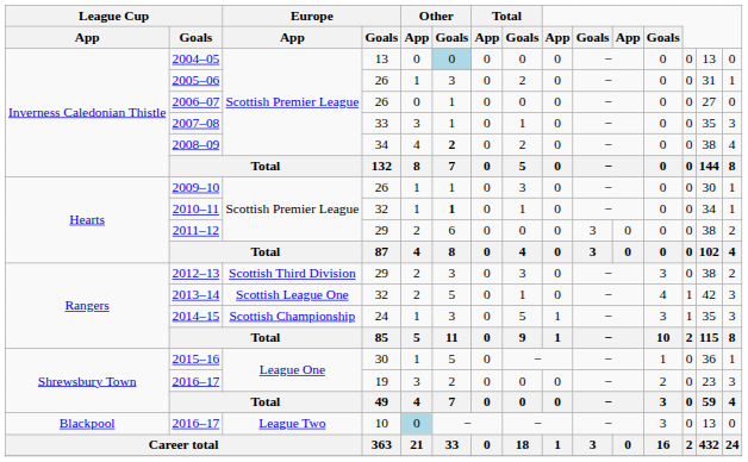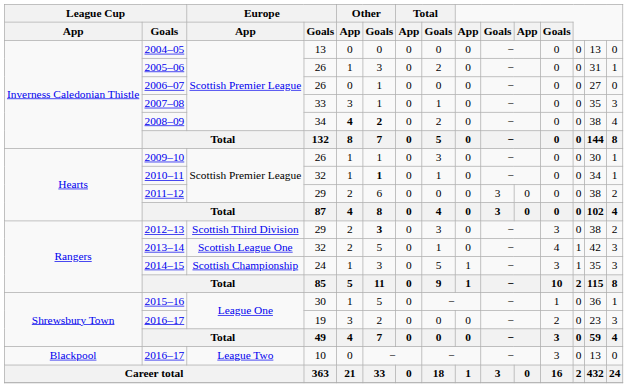 <table class="wikitable">
 <tr>
 <th colspan=2>League Cup</th>
 <th colspan=2>Europe</th>
 <th colspan=2>Other</th>
 <th colspan=2>Total</th>
 </tr>
 <tr>
 <th>App</th>
 <th>Goals</th>
 <th>App</th>
 <th>Goals</th>
 <th>App</th>
 <th>Goals</th>
 <th>App</th>
 <th>Goals</th>
 <th>App</th>
 <th>Goals</th>
 <th>App</th>
 <th>Goals</th>
 </tr>
 <tr align=center>
 <td rowspan=6><a href='#'>Inverness Caledonian Thistle</a></td>
 <td><a href='#'>2004–05</a></td>
 <td rowspan=5><a href='#'>Scottish Premier League</a></td>
 <td>13</td>
 <td>0</td>
-<td style="background: lightblue;">0</td>
+<td>0</td>
 <td>0</td>
 <td>0</td>
 <td>0</td>
 <td colspan="2">−</td>
 <td>0</td>
 <td>0</td>
 <td>13</td>
 <td>0</td>
 </tr>
 <tr align=center>
 <td><a href='#'>2005–06</a></td>
 <td>26</td>
 <td>1</td>
 <td>3</td>
 <td>0</td>
 <td>2</td>
 <td>0</td>
 <td colspan="2">−</td>
 <td>0</td>
 <td>0</td>
 <td>31</td>
 <td>1</td>
 </tr>
 <tr align=center>
 <td><a href='#'>2006–07</a></td>
 <td>26</td>
 <td>0</td>
 <td>1</td>
 <td>0</td>
 <td>0</td>
 <td>0</td>
 <td colspan="2">−</td>
 <td>0</td>
 <td>0</td>
 <td>27</td>
 <td>0</td>
 </tr>
 <tr align=center>
 <td><a href='#'>2007–08</a></td>
 <td>33</td>
 <td>3</td>
 <td>1</td>
 <td>0</td>
 <td>1</td>
 <td>0</td>
 <td colspan="2">−</td>
 <td>0</td>
 <td>0</td>
 <td>35</td>
 <td>3</td>
 </tr>
 <tr align=center>
 <td><a href='#'>2008–09</a></td>
 <td>34</td>
-<td>4</td>
+<td><strong>4</strong></td>
 <td><strong>2</strong></td>
 <td>0</td>
 <td>2</td>
 <td>0</td>
 <td colspan="2">−</td>
 <td>0</td>
 <td>0</td>
 <td>38</td>
 <td>4</td>
 </tr>
 <tr>
 <th colspan="2">Total</th>
 <th>132</th>
 <th>8</th>
 <th>7</th>
 <th>0</th>
 <th>5</th>
 <th>0</th>
 <th colspan="2">−</th>
 <th>0</th>
 <th>0</th>
 <th>144</th>
 <th>8</th>
 </tr>
 <tr align=center>
 <td rowspan=4><a href='#'>Hearts</a></td>
 <td><a href='#'>2009–10</a></td>
 <td rowspan=3>Scottish Premier League</td>
 <td>26</td>
 <td>1</td>
 <td>1</td>
 <td>0</td>
 <td>3</td>
 <td>0</td>
 <td colspan="2">−</td>
 <td>0</td>
 <td>0</td>
 <td>30</td>
 <td>1</td>
 </tr>
 <tr align=center>
 <td><a href='#'>2010–11</a></td>
 <td>32</td>
 <td>1</td>
 <td><strong>1</strong></td>
 <td>0</td>
 <td>1</td>
 <td>0</td>
 <td colspan="2">−</td>
 <td>0</td>
 <td>0</td>
 <td>34</td>
 <td>1</td>
 </tr>
 <tr align=center>
 <td><a href='#'>2011–12</a></td>
 <td>29</td>
 <td>2</td>
 <td>6</td>
 <td>0</td>
 <td>0</td>
 <td>0</td>
 <td>3</td>
 <td>0</td>
 <td>0</td>
 <td>0</td>
 <td>38</td>
 <td>2</td>
 </tr>
 <tr>
 <th colspan="2">Total</th>
 <th>87</th>
 <th>4</th>
 <th>8</th>
 <th>0</th>
 <th>4</th>
 <th>0</th>
 <th>3</th>
 <th>0</th>
 <th>0</th>
 <th>0</th>
 <th>102</th>
 <th>4</th>
 </tr>
 <tr align=center>
 <td rowspan=4><a href='#'>Rangers</a></td>
 <td><a href='#'>2012–13</a></td>
 <td><a href='#'>Scottish Third Division</a></td>
 <td>29</td>
 <td>2</td>
-<td>3</td>
+<td><strong>3</strong></td>
 <td>0</td>
 <td>3</td>
 <td>0</td>
 <td colspan="2">−</td>
 <td>3</td>
 <td>0</td>
 <td>38</td>
 <td>2</td>
 </tr>
 <tr align=center>
 <td><a href='#'>2013–14</a></td>
 <td><a href='#'>Scottish League One</a></td>
 <td>32</td>
 <td>2</td>
 <td>5</td>
 <td>0</td>
 <td>1</td>
 <td>0</td>
 <td colspan="2">−</td>
 <td>4</td>
 <td>1</td>
 <td>42</td>
 <td>3</td>
 </tr>
 <tr align=center>
 <td><a href='#'>2014–15</a></td>
 <td><a href='#'>Scottish Championship</a></td>
 <td>24</td>
 <td>1</td>
 <td>3</td>
 <td>0</td>
 <td>5</td>
 <td>1</td>
 <td colspan="2">−</td>
 <td>3</td>
 <td>1</td>
 <td>35</td>
 <td>3</td>
 </tr>
 <tr>
 <th colspan="2">Total</th>
 <th>85</th>
 <th>5</th>
 <th>11</th>
 <th>0</th>
 <th>9</th>
 <th>1</th>
 <th colspan="2">−</th>
 <th>10</th>
 <th>2</th>
 <th>115</th>
 <th>8</th>
 </tr>
 <tr align=center>
 <td rowspan="3"><a href='#'>Shrewsbury Town</a></td>
 <td><a href='#'>2015–16</a></td>
 <td rowspan="2"><a href='#'>League One</a></td>
 <td>30</td>
 <td>1</td>
 <td>5</td>
 <td>0</td>
 <td colspan="2">−</td>
 <td colspan="2">−</td>
 <td>1</td>
 <td>0</td>
 <td>36</td>
 <td>1</td>
 </tr>
 <tr align=center>
 <td><a href='#'>2016–17</a></td>
 <td>19</td>
 <td>3</td>
 <td>2</td>
 <td>0</td>
 <td>0</td>
 <td>0</td>
 <td colspan="2">−</td>
 <td>2</td>
 <td>0</td>
 <td>23</td>
 <td>3</td>
 </tr>
 <tr>
 <th colspan="2">Total</th>
 <th>49</th>
 <th>4</th>
 <th>7</th>
 <th>0</th>
 <th>0</th>
 <th>0</th>
 <th colspan="2">−</th>
 <th>3</th>
 <th>0</th>
 <th>59</th>
 <th>4</th>
 </tr>
 <tr align=center>
 <td><a href='#'>Blackpool</a></td>
 <td><a href='#'>2016–17</a></td>
 <td><a href='#'>League Two</a></td>
 <td>10</td>
-<td style="background: lightblue;">0</td>
+<td>0</td>
 <td colspan="2">−</td>
 <td colspan="2">−</td>
 <td colspan="2">−</td>
 <td>3</td>
 <td>0</td>
 <td>13</td>
 <td>0</td>
 </tr>
 <tr align=center>
 <th colspan="3">Career total</th>
 <th>363</th>
 <th>21</th>
 <th>33</th>
 <th>0</th>
 <th>18</th>
 <th>1</th>
 <th>3</th>
 <th>0</th>
 <th>16</th>
 <th>2</th>
 <th>432</th>
 <th>24</th>
 </tr>
 <tr>
 </tr>
 </table>
